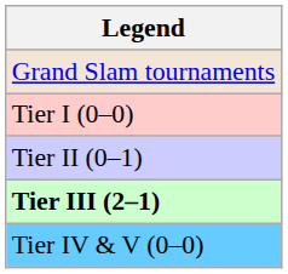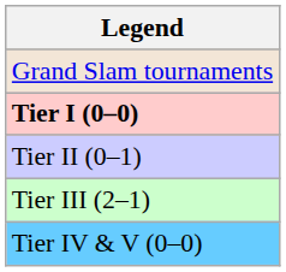 <table class="wikitable" style="font-size:90%;">
 <tr>
 <th>Legend</th>
 </tr>
 <tr>
 <td align=center colspan=2 bgcolor=#f3e6d7><a href='#'>Grand Slam tournaments</a></td>
 </tr>
 <tr>
-<td bgcolor=#ffcccc>Tier I (0–0)</td>
+<td bgcolor=#ffcccc><strong>Tier I (0–0)</strong></td>
 </tr>
 <tr>
 <td bgcolor=#ccccff>Tier II (0–1)</td>
 </tr>
 <tr>
-<td bgcolor=#CCFFCC><strong>Tier III (2–1)</strong></td>
+<td bgcolor=#CCFFCC>Tier III (2–1)</td>
 </tr>
 <tr>
 <td bgcolor=#66CCFF>Tier IV & V (0–0)</td>
 </tr>
 </table>
